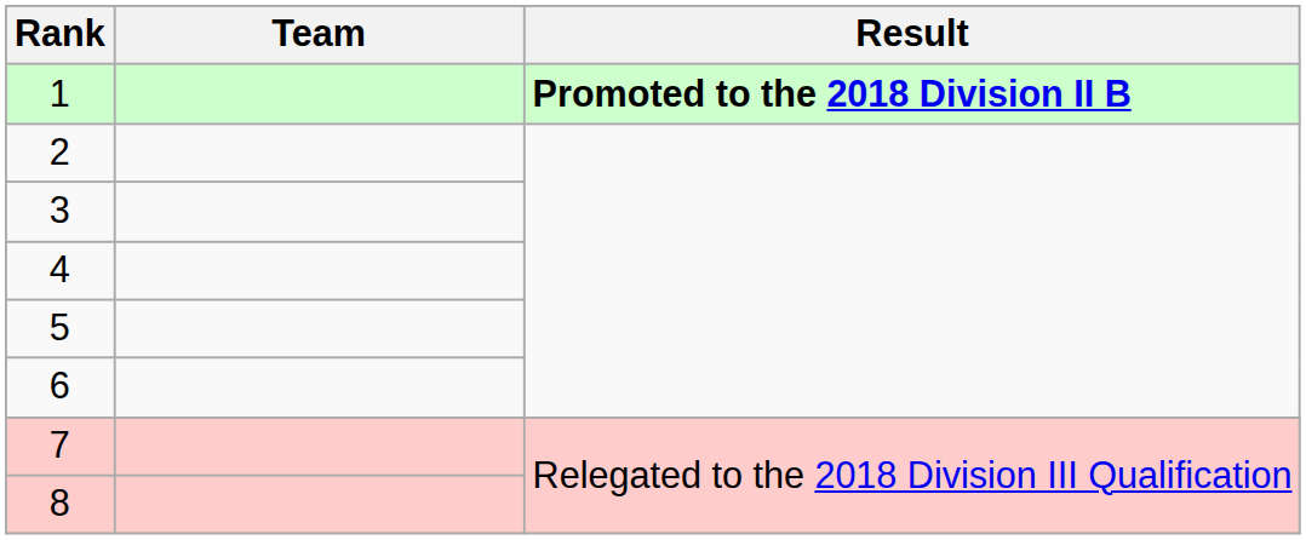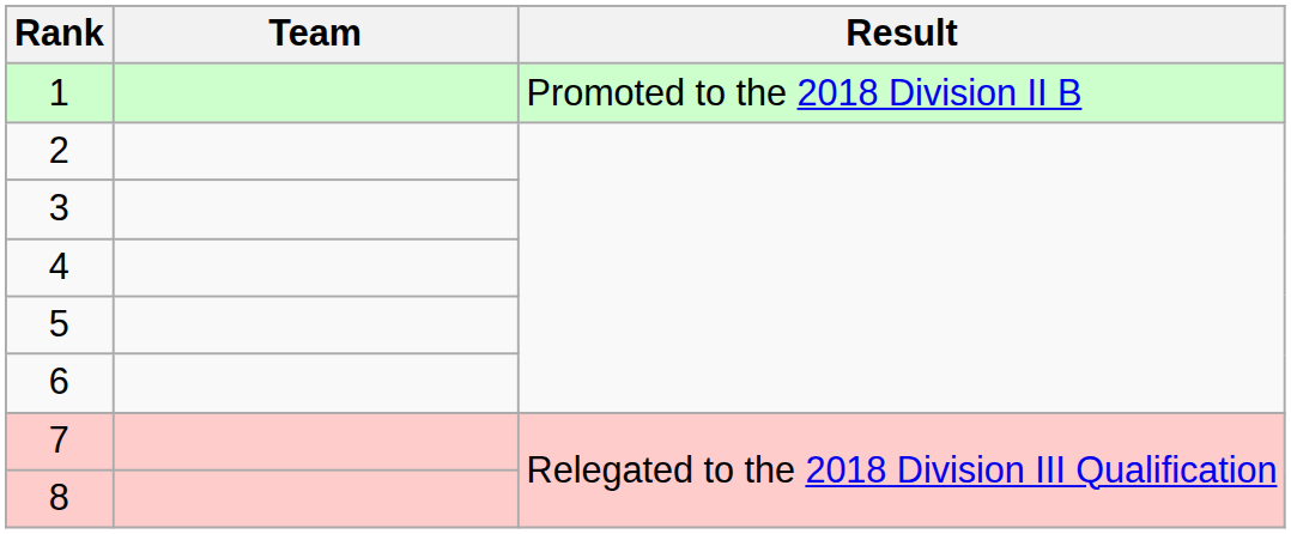 <table class="wikitable">
 <tr>
 <th>Rank</th>
 <th width=170>Team</th>
 <th>Result</th>
 </tr>
 <tr bgcolor=#ccffcc>
 <td align=center>1</td>
 <td></td>
-<td><strong>Promoted to the <a href='#'>2018 Division II B</a></strong></td>
+<td>Promoted to the <a href='#'>2018 Division II B</a></td>
 </tr>
 <tr>
 <td align=center>2</td>
 <td></td>
 </tr>
 <tr>
 <td align=center>3</td>
 <td></td>
 </tr>
 <tr>
 <td align=center>4</td>
 <td></td>
 </tr>
 <tr>
 <td align=center>5</td>
 <td></td>
 </tr>
 <tr>
 <td align=center>6</td>
 <td></td>
 </tr>
 <tr bgcolor=#ffcccc>
 <td align=center>7</td>
 <td></td>
 <td rowspan=2>Relegated to the <a href='#'>2018 Division III Qualification</a></td>
 </tr>
 <tr bgcolor=#ffcccc>
 <td align=center>8</td>
 <td></td>
 </tr>
 </table>
